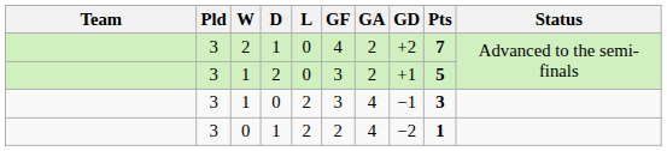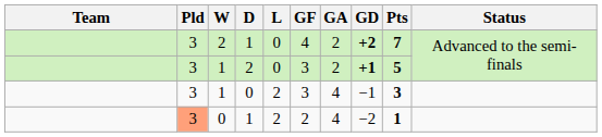 <table class="wikitable" style="text-align: center;">
 <tr>
 <th width=165>Team</th>
 <th width=20>Pld</th>
 <th width=20>W</th>
 <th width=20>D</th>
 <th width=20>L</th>
 <th width=20>GF</th>
 <th width=20>GA</th>
 <th width=20>GD</th>
 <th width=20>Pts</th>
 <th width=178>Status</th>
 </tr>
 <tr bgcolor="#D0F0C0">
 <td align=left></td>
 <td>3</td>
 <td>2</td>
 <td>1</td>
 <td>0</td>
 <td>4</td>
 <td>2</td>
-<td>+2</td>
+<td><strong>+2</strong></td>
 <td><strong>7</strong></td>
 <td rowspan=2>Advanced to the semi-finals</td>
 </tr>
 <tr bgcolor="#D0F0C0">
 <td align=left></td>
 <td>3</td>
 <td>1</td>
 <td>2</td>
 <td>0</td>
 <td>3</td>
 <td>2</td>
-<td>+1</td>
+<td><strong>+1</strong></td>
 <td><strong>5</strong></td>
 </tr>
 <tr>
 <td align=left></td>
 <td>3</td>
 <td>1</td>
 <td>0</td>
 <td>2</td>
 <td>3</td>
 <td>4</td>
 <td>−1</td>
 <td><strong>3</strong></td>
 <td></td>
 </tr>
 <tr>
 <td align=left></td>
-<td>3</td>
+<td style="background: lightsalmon;">3</td>
 <td>0</td>
 <td>1</td>
 <td>2</td>
 <td>2</td>
 <td>4</td>
 <td>−2</td>
 <td><strong>1</strong></td>
 <td></td>
 </tr>
 </table>
